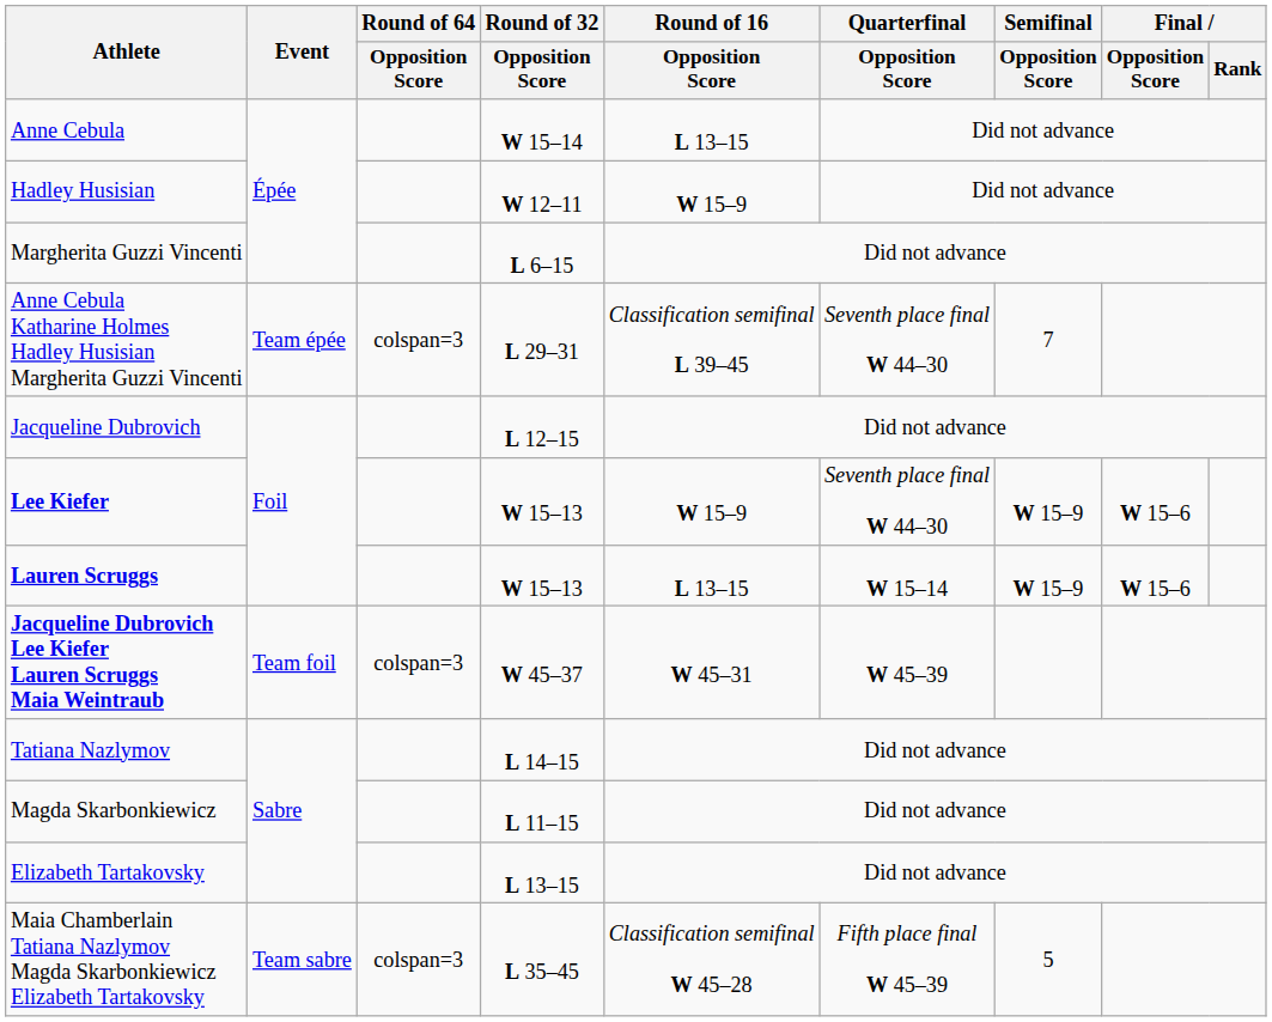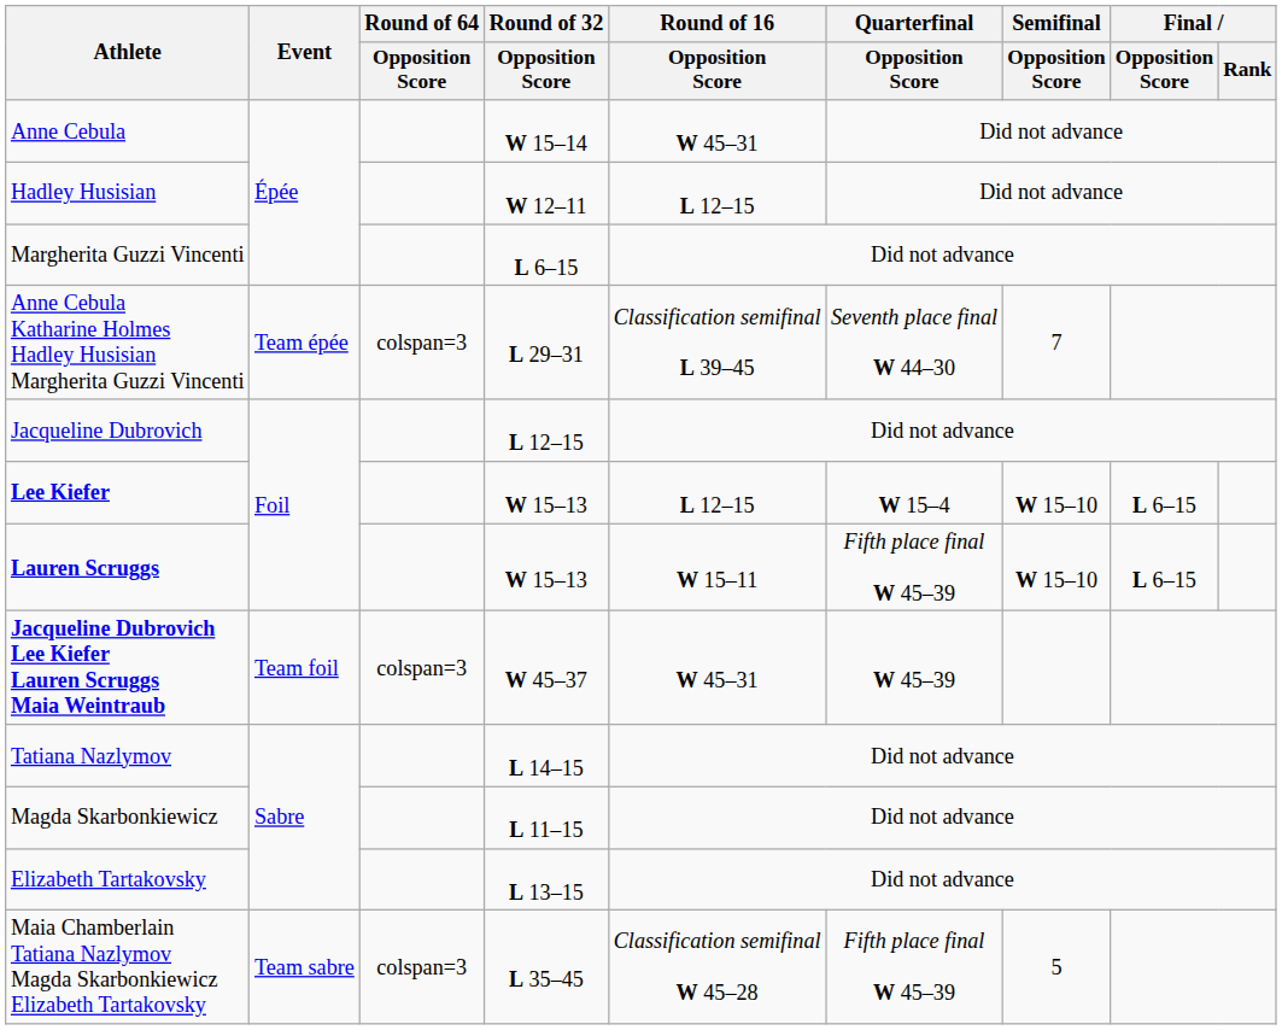 <table class=wikitable style=font-size:90%;text-align:center>
 <tr>
 <th rowspan=2>Athlete</th>
 <th rowspan=2>Event</th>
 <th>Round of 64</th>
 <th>Round of 32</th>
 <th>Round of 16</th>
 <th>Quarterfinal</th>
 <th>Semifinal</th>
 <th colspan=2>Final / </th>
 </tr>
 <tr style=font-size:95%>
 <th>Opposition<br>Score</th>
 <th>Opposition<br>Score</th>
 <th>Opposition<br>Score</th>
 <th>Opposition<br>Score</th>
 <th>Opposition<br>Score</th>
 <th>Opposition<br>Score</th>
 <th>Rank</th>
 </tr>
 <tr>
 <td align=left><a href='#'>Anne Cebula</a></td>
 <td align=left rowspan=3><a href='#'>Épée</a></td>
 <td></td>
 <td><br><strong>W</strong> 15–14</td>
-<td><br><strong>L</strong> 13–15</td>
+<td><br><strong>W</strong> 45–31</td>
 <td colspan=4>Did not advance</td>
 </tr>
 <tr>
 <td align=left><a href='#'>Hadley Husisian</a></td>
 <td></td>
 <td><br><strong>W</strong> 12–11</td>
-<td><br><strong>W</strong> 15–9</td>
+<td><br><strong>L</strong> 12–15</td>
 <td colspan=4>Did not advance</td>
 </tr>
 <tr>
 <td align=left>Margherita Guzzi Vincenti</td>
 <td></td>
 <td><br><strong>L</strong> 6–15</td>
 <td colspan=5>Did not advance</td>
 </tr>
 <tr>
 <td align=left><a href='#'>Anne Cebula</a><br><a href='#'>Katharine Holmes</a> <br><a href='#'>Hadley Husisian</a><br>Margherita Guzzi Vincenti</td>
 <td align=left><a href='#'>Team épée</a></td>
 <td>colspan=3 </td>
 <td><br><strong>L</strong> 29–31</td>
 <td><em>Classification semifinal</em><br><br><strong>L</strong> 39–45</td>
 <td><em>Seventh place final</em><br><br><strong>W</strong> 44–30</td>
 <td>7</td>
 </tr>
 <tr>
 <td align=left><a href='#'>Jacqueline Dubrovich</a></td>
 <td align=left rowspan=3><a href='#'>Foil</a></td>
 <td></td>
 <td><br><strong>L</strong> 12–15</td>
 <td colspan=5>Did not advance</td>
 </tr>
 <tr>
 <td align=left><strong><a href='#'>Lee Kiefer</a></strong></td>
 <td></td>
 <td><br><strong>W</strong> 15–13</td>
-<td><br><strong>W</strong> 15–9</td>
-<td><em>Seventh place final</em><br><br><strong>W</strong> 44–30</td>
-<td><br><strong>W</strong> 15–9</td>
-<td><br><strong>W</strong> 15–6</td>
+<td><br><strong>L</strong> 12–15</td>
+<td><br><strong>W</strong> 15–4</td>
+<td><br><strong>W</strong> 15–10</td>
+<td><br><strong>L</strong> 6–15</td>
 <td></td>
 </tr>
 <tr>
 <td align=left><strong><a href='#'>Lauren Scruggs</a></strong></td>
 <td></td>
 <td><br><strong>W</strong> 15–13</td>
-<td><br><strong>L</strong> 13–15</td>
-<td><br><strong>W</strong> 15–14</td>
-<td><br><strong>W</strong> 15–9</td>
-<td><br><strong>W</strong> 15–6</td>
+<td><br><strong>W</strong> 15–11</td>
+<td><em>Fifth place final</em><br><br><strong>W</strong> 45–39</td>
+<td><br><strong>W</strong> 15–10</td>
+<td><br><strong>L</strong> 6–15</td>
 <td></td>
 </tr>
 <tr>
 <td align=left><strong><a href='#'>Jacqueline Dubrovich</a><br><a href='#'>Lee Kiefer</a><br><a href='#'>Lauren Scruggs</a><br><a href='#'>Maia Weintraub</a></strong></td>
 <td align=left><a href='#'>Team foil</a></td>
 <td>colspan=3 </td>
 <td><br><strong>W</strong> 45–37</td>
 <td><br><strong>W</strong> 45–31</td>
 <td><br><strong>W</strong> 45–39</td>
 <td></td>
 </tr>
 <tr>
 <td align=left><a href='#'>Tatiana Nazlymov</a></td>
 <td align=left rowspan=3><a href='#'>Sabre</a></td>
 <td></td>
 <td><br><strong>L</strong> 14–15</td>
 <td colspan=5>Did not advance</td>
 </tr>
 <tr>
 <td align=left>Magda Skarbonkiewicz</td>
 <td></td>
 <td><br><strong>L</strong> 11–15</td>
 <td colspan=5>Did not advance</td>
 </tr>
 <tr>
 <td align=left><a href='#'>Elizabeth Tartakovsky</a></td>
 <td></td>
 <td><br><strong>L</strong> 13–15</td>
 <td colspan=5>Did not advance</td>
 </tr>
 <tr>
 <td align=left>Maia Chamberlain<br><a href='#'>Tatiana Nazlymov</a><br>Magda Skarbonkiewicz<br><a href='#'>Elizabeth Tartakovsky</a></td>
 <td align=left><a href='#'>Team sabre</a></td>
 <td>colspan=3 </td>
 <td><br><strong>L</strong> 35–45</td>
 <td><em>Classification semifinal</em><br><br><strong>W</strong> 45–28</td>
 <td><em>Fifth place final</em><br><br><strong>W</strong> 45–39</td>
 <td>5</td>
 </tr>
 </table>
